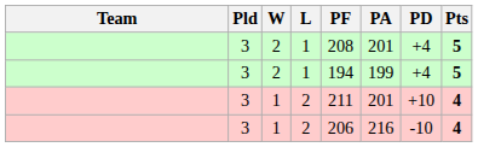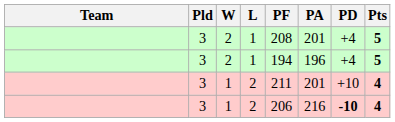 <table class="wikitable" style="text-align:center;">
 <tr>
 <th width=200>Team</th>
 <th width=20>Pld</th>
 <th width=20>W</th>
 <th width=20>L</th>
 <th width=30>PF</th>
 <th width=30>PA</th>
 <th width=30>PD</th>
 <th width=20>Pts</th>
 </tr>
 <tr bgcolor="#ccffcc">
 <td align=left></td>
 <td>3</td>
 <td>2</td>
 <td>1</td>
 <td>208</td>
 <td>201</td>
 <td>+4</td>
 <td><strong>5</strong></td>
 </tr>
 <tr bgcolor="#ccffcc">
 <td align=left></td>
 <td>3</td>
 <td>2</td>
 <td>1</td>
 <td>194</td>
-<td>199</td>
+<td>196</td>
 <td>+4</td>
 <td><strong>5</strong></td>
 </tr>
 <tr bgcolor=#ffcccc>
 <td align=left></td>
 <td>3</td>
 <td>1</td>
 <td>2</td>
 <td>211</td>
 <td>201</td>
 <td>+10</td>
 <td><strong>4</strong></td>
 </tr>
 <tr bgcolor=#ffcccc>
 <td align=left></td>
 <td>3</td>
 <td>1</td>
 <td>2</td>
 <td>206</td>
 <td>216</td>
-<td>-10</td>
+<td><strong>-10</strong></td>
 <td><strong>4</strong></td>
 </tr>
 </table>
